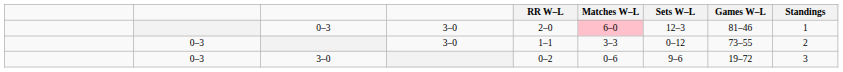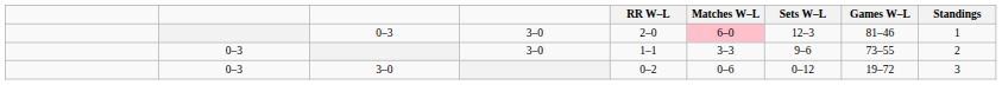 <table class="wikitable" style="width: 100%; text-align:center; font-size:90%">
 <tr>
 <td width=166></td>
 <td width=162></td>
 <td width=162></td>
 <td width=162></td>
 <th width=80>RR W–L</th>
 <th width=80>Matches W–L</th>
 <th width=80>Sets W–L</th>
 <th width=80>Games W–L</th>
 <th width=80>Standings</th>
 </tr>
 <tr>
 <td style="text-align:left;"></td>
 <th bgcolor="ededed"></th>
 <td>0–3</td>
 <td>3–0</td>
 <td>2–0</td>
 <td style="background: pink;">6–0</td>
 <td>12–3</td>
 <td>81–46</td>
 <td>1</td>
 </tr>
 <tr>
 <td style="text-align:left;"></td>
 <td>0–3</td>
 <th bgcolor="ededed"></th>
 <td>3–0</td>
 <td>1–1</td>
 <td>3–3</td>
-<td>0–12</td>
+<td>9–6</td>
 <td>73–55</td>
 <td>2</td>
 </tr>
 <tr>
 <td style="text-align:left;"></td>
 <td>0–3</td>
 <td>3–0</td>
 <th bgcolor="ededed"></th>
 <td>0–2</td>
 <td>0–6</td>
-<td>9–6</td>
+<td>0–12</td>
 <td>19–72</td>
 <td>3</td>
 </tr>
 </table>
